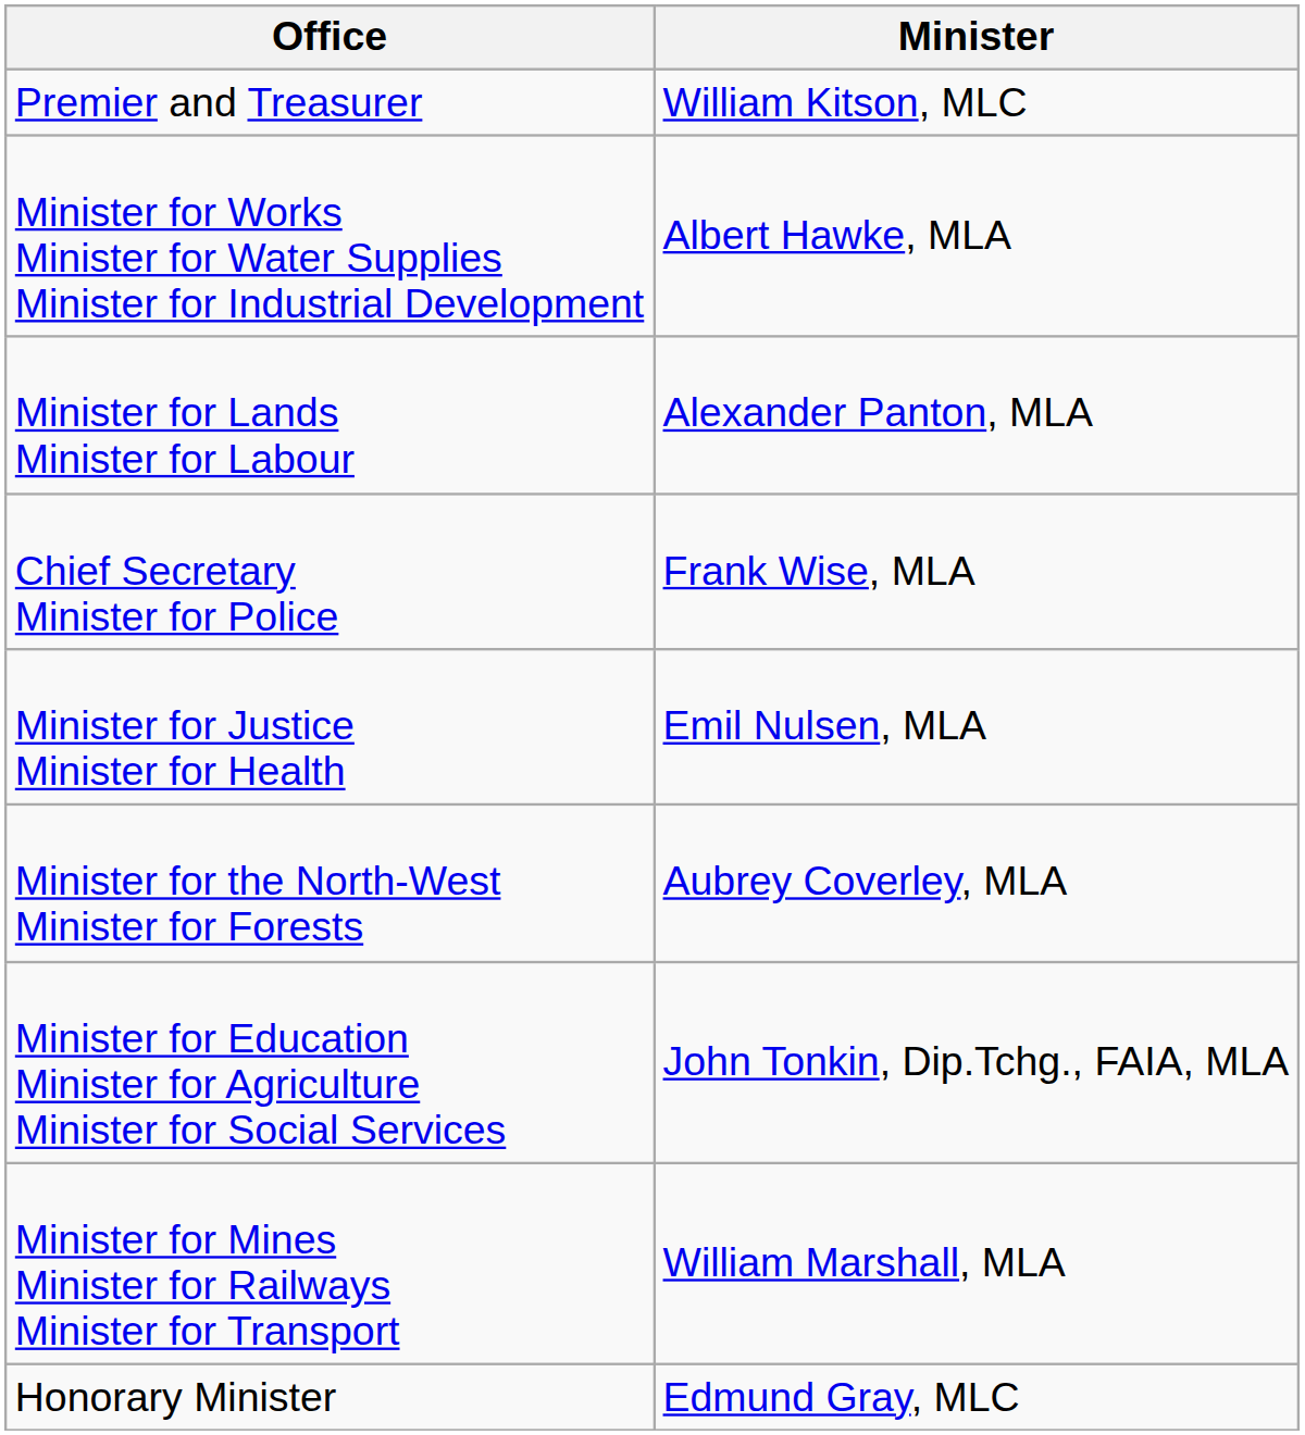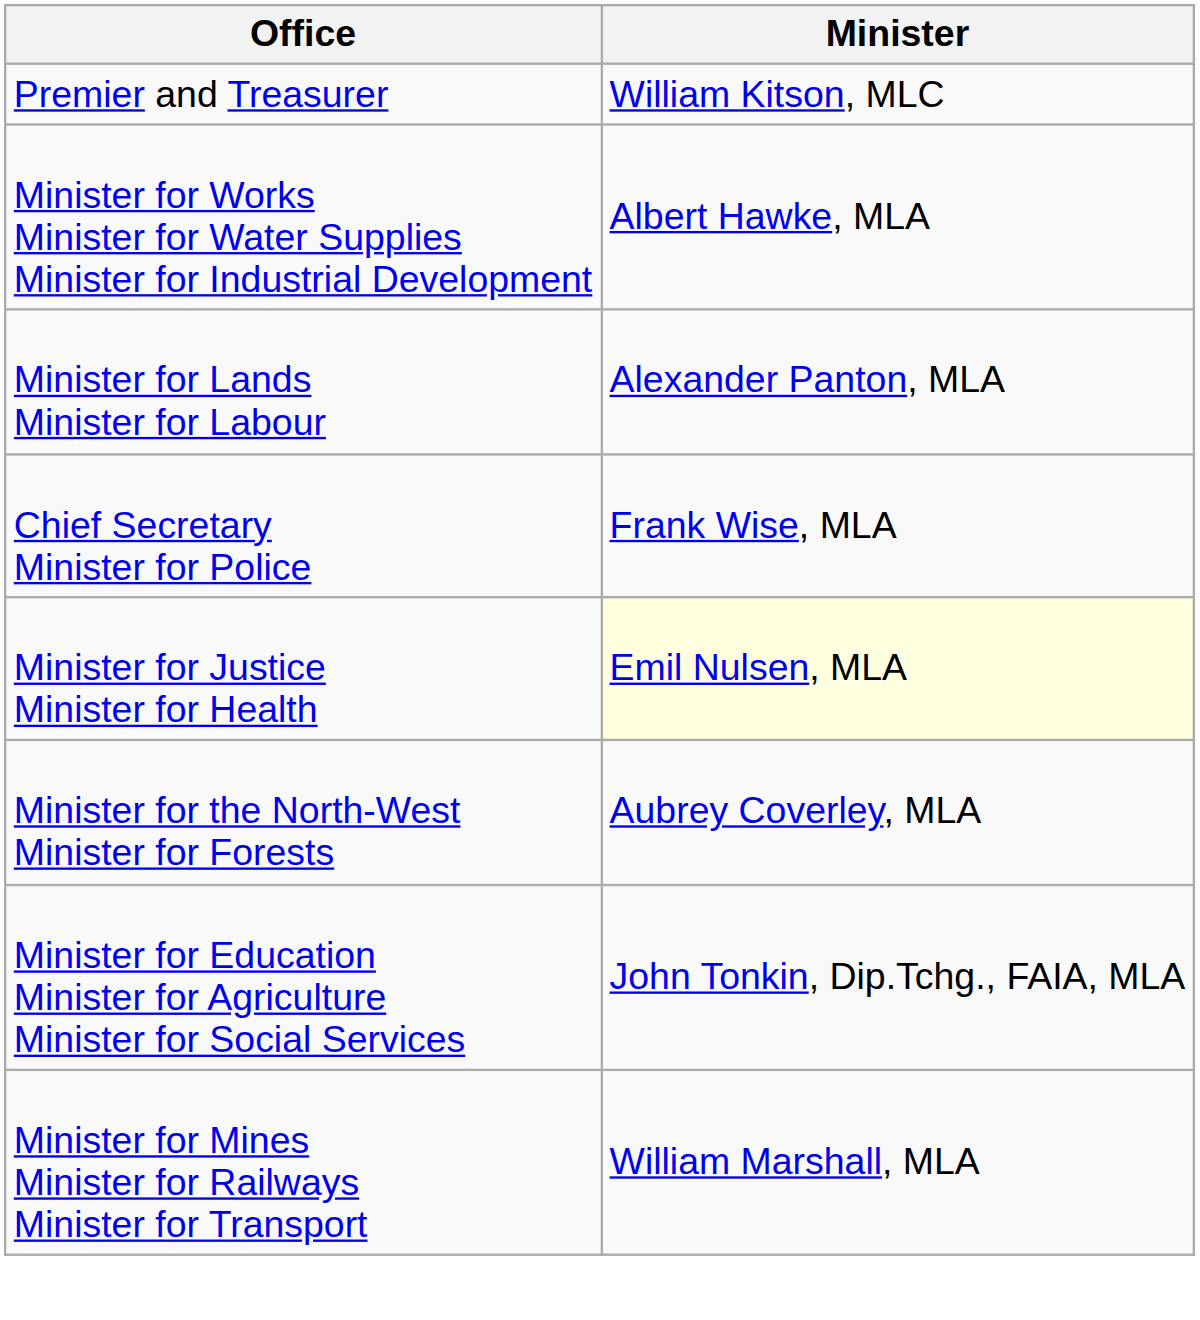 <table class="wikitable">
 <tr>
 <th>Office</th>
 <th>Minister</th>
 </tr>
 <tr>
 <td><a href='#'>Premier</a> and <a href='#'>Treasurer</a></td>
 <td><a href='#'>William Kitson</a>, MLC</td>
 </tr>
 <tr>
 <td><br><a href='#'>Minister for Works</a><br> <a href='#'>Minister for Water Supplies</a><br> <a href='#'>Minister for Industrial Development</a></td>
 <td><a href='#'>Albert Hawke</a>, MLA</td>
 </tr>
 <tr>
 <td><br><a href='#'>Minister for Lands</a><br> <a href='#'>Minister for Labour</a></td>
 <td><a href='#'>Alexander Panton</a>, MLA</td>
 </tr>
 <tr>
 <td><br><a href='#'>Chief Secretary</a><br> <a href='#'>Minister for Police</a></td>
 <td><a href='#'>Frank Wise</a>, MLA</td>
 </tr>
 <tr>
 <td><br><a href='#'>Minister for Justice</a><br> <a href='#'>Minister for Health</a></td>
-<td><a href='#'>Emil Nulsen</a>, MLA</td>
+<td style="background: lightyellow;"><a href='#'>Emil Nulsen</a>, MLA</td>
 </tr>
 <tr>
 <td><br><a href='#'>Minister for the North-West</a><br> <a href='#'>Minister for Forests</a></td>
 <td><a href='#'>Aubrey Coverley</a>, MLA</td>
 </tr>
 <tr>
 <td><br><a href='#'>Minister for Education</a><br> <a href='#'>Minister for Agriculture</a><br> <a href='#'>Minister for Social Services</a></td>
 <td><a href='#'>John Tonkin</a>, Dip.Tchg., FAIA, MLA</td>
 </tr>
 <tr>
 <td><br><a href='#'>Minister for Mines</a><br> <a href='#'>Minister for Railways</a><br> <a href='#'>Minister for Transport</a></td>
 <td><a href='#'>William Marshall</a>, MLA</td>
 </tr>
-<tr>
-<td>Honorary Minister</td>
-<td><a href='#'>Edmund Gray</a>, MLC</td>
-</tr>
 </table>
